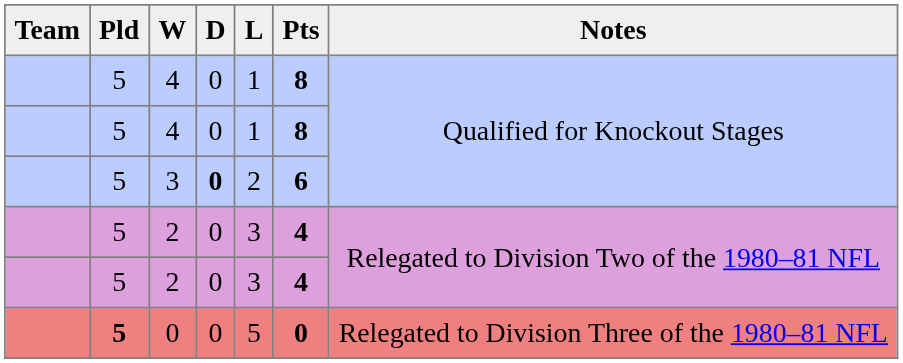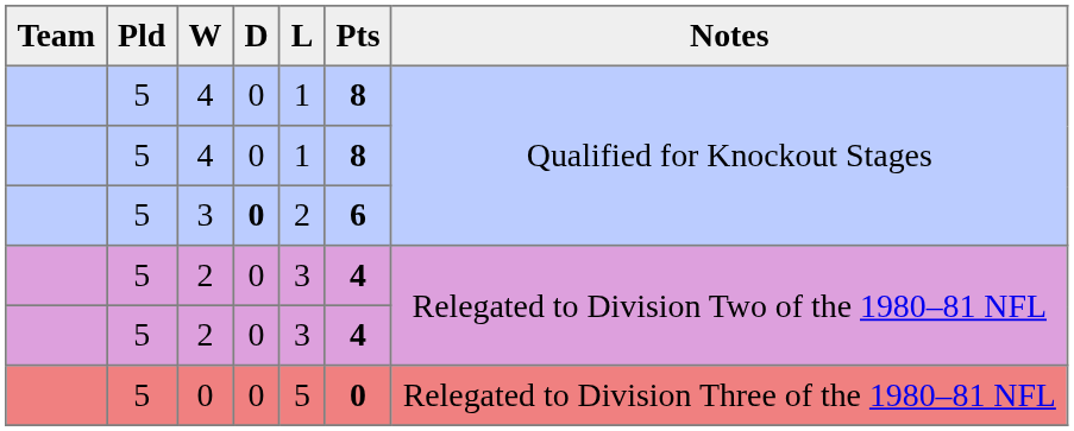 <table style=border-collapse:collapse border=1 cellspacing=0 cellpadding=5>
 <tr align=center bgcolor=#efefef>
 <th>Team</th>
 <th>Pld</th>
 <th>W</th>
 <th>D</th>
 <th>L</th>
 <th>Pts</th>
 <th>Notes</th>
 </tr>
 <tr align=center style="background:#bbccff;">
 <td style="text-align:left;"> </td>
 <td>5</td>
 <td>4</td>
 <td>0</td>
 <td>1</td>
 <td><strong>8</strong></td>
 <td rowspan=3>Qualified for Knockout Stages</td>
 </tr>
 <tr align=center style="background:#bbccff;">
 <td style="text-align:left;"> </td>
 <td>5</td>
 <td>4</td>
 <td>0</td>
 <td>1</td>
 <td><strong>8</strong></td>
 </tr>
 <tr align=center style="background:#bbccff;">
 <td style="text-align:left;"> </td>
 <td>5</td>
 <td>3</td>
 <td><strong>0</strong></td>
 <td>2</td>
 <td><strong>6</strong></td>
 </tr>
 <tr align=center style="background:#dda0dd;">
 <td style="text-align:left;"> </td>
 <td>5</td>
 <td>2</td>
 <td>0</td>
 <td>3</td>
 <td><strong>4</strong></td>
 <td rowspan=2>Relegated to Division Two of the <a href='#'>1980–81 NFL</a></td>
 </tr>
 <tr align=center style="background:#dda0dd;">
 <td style="text-align:left;"> </td>
 <td>5</td>
 <td>2</td>
 <td>0</td>
 <td>3</td>
 <td><strong>4</strong></td>
 </tr>
 <tr align=center style="background:#F08080">
 <td style="text-align:left;"> </td>
-<td><strong>5</strong></td>
+<td>5</td>
 <td>0</td>
 <td>0</td>
 <td>5</td>
 <td><strong>0</strong></td>
 <td rowspan=1>Relegated to Division Three of the <a href='#'>1980–81 NFL</a></td>
 </tr>
 </table>
